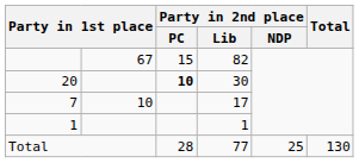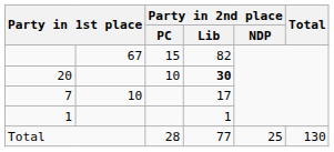 <table class="wikitable" style="text-align:right;">
 <tr>
 <th rowspan="2" colspan="2" style="text-align:left;">Party in 1st place</th>
 <th colspan="3">Party in 2nd place</th>
 <th rowspan="2">Total</th>
 </tr>
 <tr>
 <th>PC</th>
 <th>Lib</th>
 <th>NDP</th>
 </tr>
 <tr>
 <td></td>
 <td>67</td>
 <td>15</td>
 <td>82</td>
 </tr>
 <tr>
 <td>20</td>
 <td></td>
-<td><strong>10</strong></td>
-<td>30</td>
+<td>10</td>
+<td><strong>30</strong></td>
 </tr>
 <tr>
 <td>7</td>
 <td>10</td>
 <td></td>
 <td>17</td>
 </tr>
 <tr>
 <td>1</td>
 <td></td>
 <td></td>
 <td>1</td>
 </tr>
 <tr>
 <td colspan="2" style="text-align:left;">Total</td>
 <td>28</td>
 <td>77</td>
 <td>25</td>
 <td>130</td>
 </tr>
 </table>
